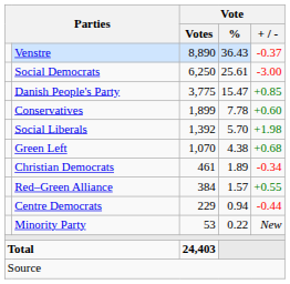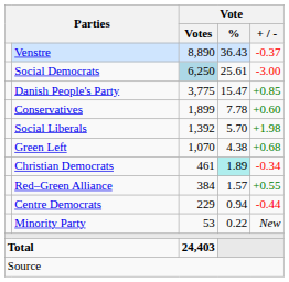 <table class="wikitable" style="text-align:right;">
 <tr>
 <th style="text-align:centre;" rowspan="2" colspan="2" width="225">Parties</th>
 <th colspan="3">Vote</th>
 </tr>
 <tr>
 <th width="15">Votes</th>
 <th width="15">%</th>
 <th width="15">+ / -</th>
 </tr>
 <tr>
 <td width="2" style="color:inherit;background:"></td>
 <td bgcolor=#cfe5fe  align="left"><a href='#'>Venstre</a></td>
 <td bgcolor=#cfe5fe>8,890</td>
 <td bgcolor=#cfe5fe>36.43</td>
 <td style=color:red;>-0.37</td>
 </tr>
 <tr>
 <td width="2" style="color:inherit;background:"></td>
 <td align="left"><a href='#'>Social Democrats</a></td>
-<td>6,250</td>
+<td style="background: lightblue;">6,250</td>
 <td>25.61</td>
 <td style=color:red;>-3.00</td>
 </tr>
 <tr>
 <td width="2" style="color:inherit;background:"></td>
 <td align="left"><a href='#'>Danish People's Party</a></td>
 <td>3,775</td>
 <td>15.47</td>
 <td style=color:green;>+0.85</td>
 </tr>
 <tr>
 <td width="2" style="color:inherit;background:"></td>
 <td align="left"><a href='#'>Conservatives</a></td>
 <td>1,899</td>
 <td>7.78</td>
 <td style=color:green;>+0.60</td>
 </tr>
 <tr>
 <td width="2" style="color:inherit;background:"></td>
 <td align="left"><a href='#'>Social Liberals</a></td>
 <td>1,392</td>
 <td>5.70</td>
 <td style=color:green;>+1.98</td>
 </tr>
 <tr>
 <td width="2" style="color:inherit;background:"></td>
 <td align="left"><a href='#'>Green Left</a></td>
 <td>1,070</td>
 <td>4.38</td>
 <td style=color:green;>+0.68</td>
 </tr>
 <tr>
 <td width="2" style="color:inherit;background:"></td>
 <td align="left"><a href='#'>Christian Democrats</a></td>
 <td>461</td>
-<td>1.89</td>
+<td style="background: paleturquoise;">1.89</td>
 <td style=color:red;>-0.34</td>
 </tr>
 <tr>
 <td width="2" style="color:inherit;background:"></td>
 <td align="left"><a href='#'>Red–Green Alliance</a></td>
 <td>384</td>
 <td>1.57</td>
 <td style=color:green;>+0.55</td>
 </tr>
 <tr>
 <td width="2" style="color:inherit;background:"></td>
 <td align="left"><a href='#'>Centre Democrats</a></td>
 <td>229</td>
 <td>0.94</td>
 <td style=color:red;>-0.44</td>
 </tr>
 <tr>
 <td width="2" style="color:inherit;background:"></td>
 <td align="left"><a href='#'>Minority Party</a></td>
 <td>53</td>
 <td>0.22</td>
 <td><em>New</em></td>
 </tr>
 <tr>
 <td colspan="7" bgcolor="#E9E9E9"></td>
 </tr>
 <tr>
 <td align="left" colspan="2"><strong>Total</strong></td>
 <td><strong>24,403</strong></td>
 <td bgcolor="#E9E9E9" colspan="2"></td>
 </tr>
 <tr>
 <td align="left" colspan="6">Source</td>
 </tr>
 </table>
